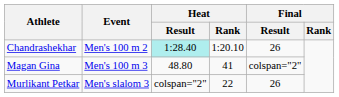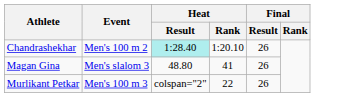 <table class=wikitable style="font-size:90%">
 <tr>
 <th rowspan="2">Athlete</th>
 <th rowspan="2">Event</th>
 <th colspan="2">Heat</th>
 <th colspan="2">Final</th>
 </tr>
 <tr>
 <th>Result</th>
 <th>Rank</th>
 <th>Result</th>
 <th>Rank</th>
 </tr>
 <tr>
 <td><a href='#'>Chandrashekhar</a></td>
 <td><a href='#'>Men's 100 m 2</a></td>
 <td style="background: paleturquoise; text-align:center;">1:28.40</td>
 <td style="text-align:center;">1:20.10</td>
 <td style="text-align:center;">26</td>
 </tr>
 <tr>
 <td><a href='#'>Magan Gina</a></td>
-<td><a href='#'>Men's 100 m 3</a></td>
+<td><a href='#'>Men's slalom 3</a></td>
 <td style="text-align:center;">48.80</td>
 <td style="text-align:center;">41</td>
-<td>colspan="2" </td>
+<td style="text-align:center;">26</td>
 </tr>
 <tr>
 <td><a href='#'>Murlikant Petkar</a></td>
-<td><a href='#'>Men's slalom 3</a></td>
+<td><a href='#'>Men's 100 m 3</a></td>
 <td>colspan="2" </td>
 <td style="text-align:center;">22</td>
 <td style="text-align:center;">26</td>
 </tr>
 </table>
